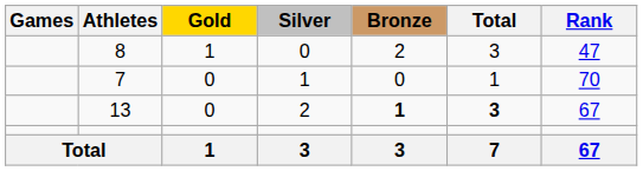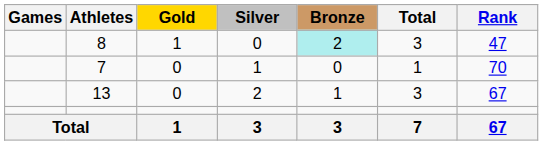 <table class="wikitable sortable" style="text-align:center; font-size:90%;">
 <tr>
 <th>Games</th>
 <th>Athletes</th>
 <th style="background:gold; width:4.5em; font-weight:bold;">Gold</th>
 <th style="background:silver; width:4.5em; font-weight:bold;">Silver</th>
 <th style="background:#cc9966; width:4.5em; font-weight:bold;">Bronze</th>
 <th style="width:4.5em; font-weight:bold;">Total</th>
 <th style="width:4.5em; font-weight:bold;"><a href='#'>Rank</a></th>
 </tr>
 <tr>
 <td align=left></td>
 <td>8</td>
 <td>1</td>
 <td>0</td>
-<td>2</td>
+<td style="background: paleturquoise;">2</td>
 <td>3</td>
 <td><a href='#'>47</a></td>
 </tr>
 <tr>
 <td align=left></td>
 <td>7</td>
 <td>0</td>
 <td>1</td>
 <td>0</td>
 <td>1</td>
 <td><a href='#'>70</a></td>
 </tr>
 <tr>
 <td align=left></td>
 <td>13</td>
 <td>0</td>
 <td>2</td>
-<td><strong>1</strong></td>
-<td><strong>3</strong></td>
+<td>1</td>
+<td>3</td>
 <td><a href='#'>67</a></td>
 </tr>
 <tr>
 <td align=left><em></em></td>
 <td></td>
 <td></td>
 <td></td>
 <td></td>
 <td></td>
 <td></td>
 </tr>
 <tr>
 <th colspan=2>Total</th>
 <th>1</th>
 <th>3</th>
 <th>3</th>
 <th>7</th>
 <th><a href='#'>67</a></th>
 </tr>
 </table>
